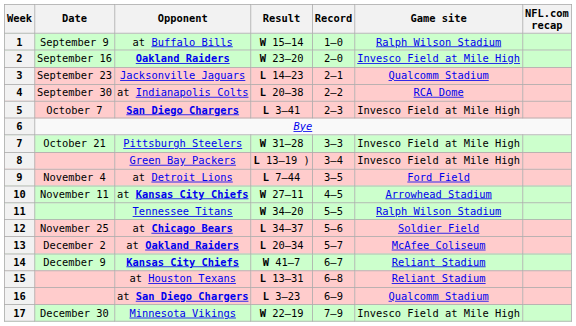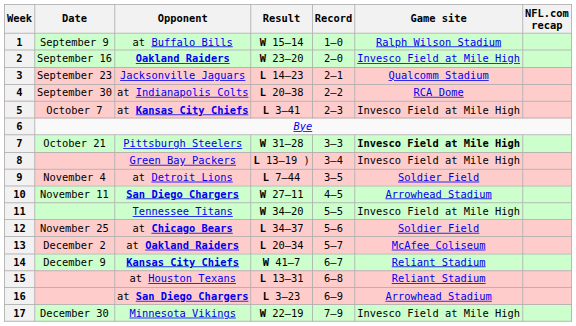 <table class="wikitable" style="text-align:center;">
 <tr>
 <th>Week</th>
 <th>Date</th>
 <th>Opponent</th>
 <th>Result</th>
 <th>Record</th>
 <th>Game site</th>
 <th>NFL.com<br>recap</th>
 </tr>
 <tr style="background:#cfc">
 <th>1</th>
 <td>September  9</td>
 <td>at <a href='#'>Buffalo Bills</a></td>
 <td><strong>W</strong> 15–14</td>
 <td>1–0</td>
 <td><a href='#'>Ralph Wilson Stadium</a></td>
 <td></td>
 </tr>
 <tr style="background:#cfc">
 <th>2</th>
 <td>September 16</td>
 <td><strong><a href='#'>Oakland Raiders</a></strong></td>
 <td><strong>W</strong> 23–20 </td>
 <td>2–0</td>
 <td><a href='#'>Invesco Field at Mile High</a></td>
 <td></td>
 </tr>
 <tr style="background:#fcc">
 <th>3</th>
 <td>September 23</td>
 <td><a href='#'>Jacksonville Jaguars</a></td>
 <td><strong>L</strong> 14–23</td>
 <td>2–1</td>
 <td><a href='#'>Qualcomm Stadium</a></td>
 <td></td>
 </tr>
 <tr style="background:#fcc">
 <th>4</th>
 <td>September 30</td>
 <td>at <a href='#'>Indianapolis Colts</a></td>
 <td><strong>L</strong> 20–38</td>
 <td>2–2</td>
 <td><a href='#'>RCA Dome</a></td>
 <td></td>
 </tr>
 <tr style="background:#fcc">
 <th>5</th>
 <td>October 7</td>
-<td><strong><a href='#'>San Diego Chargers</a></strong></td>
+<td>at <strong><a href='#'>Kansas City Chiefs</a></strong></td>
 <td><strong>L</strong> 3–41</td>
 <td>2–3</td>
 <td>Invesco Field at Mile High</td>
 <td></td>
 </tr>
 <tr>
 <th>6</th>
 <td colspan="7" style="text-align:center;"><em><a href='#'>Bye</a></em></td>
 </tr>
 <tr style="background:#cfc">
 <th>7</th>
 <td>October 21</td>
 <td><a href='#'> Pittsburgh Steelers</a></td>
 <td><strong>W</strong> 31–28</td>
 <td>3–3</td>
-<td>Invesco Field at Mile High</td>
+<td><strong>Invesco Field at Mile High</strong></td>
 <td></td>
 </tr>
 <tr style="background:#fcc">
 <th>8</th>
 <td></td>
 <td><a href='#'>Green Bay Packers</a></td>
 <td><strong>L</strong> 13–19 )</td>
 <td>3–4</td>
 <td>Invesco Field at Mile High</td>
 <td></td>
 </tr>
 <tr style="background:#fcc">
 <th>9</th>
 <td>November 4</td>
 <td>at <a href='#'>Detroit Lions</a></td>
 <td><strong>L</strong> 7–44</td>
 <td>3–5</td>
-<td><a href='#'>Ford Field</a></td>
+<td><a href='#'>Soldier Field</a></td>
 <td></td>
 </tr>
 <tr style="background:#cfc">
 <th>10</th>
 <td>November 11</td>
-<td>at <strong><a href='#'>Kansas City Chiefs</a></strong></td>
+<td><strong><a href='#'>San Diego Chargers</a></strong></td>
 <td><strong>W</strong> 27–11</td>
 <td>4–5</td>
 <td><a href='#'>Arrowhead Stadium</a></td>
 <td></td>
 </tr>
 <tr style="background:#cfc">
 <th>11</th>
 <td></td>
 <td><a href='#'>Tennessee Titans</a></td>
 <td><strong>W</strong> 34–20</td>
 <td>5–5</td>
-<td><a href='#'>Ralph Wilson Stadium</a></td>
+<td>Invesco Field at Mile High</td>
 <td></td>
 </tr>
 <tr style="background:#fcc">
 <th>12</th>
 <td>November 25</td>
 <td>at <strong><a href='#'>Chicago Bears</a></strong></td>
 <td><strong>L</strong> 34–37  </td>
 <td>5–6</td>
 <td><a href='#'>Soldier Field</a></td>
 <td></td>
 </tr>
 <tr style="background:#fcc">
 <th>13</th>
 <td>December  2</td>
 <td>at <strong><a href='#'>Oakland Raiders</a></strong></td>
 <td><strong>L</strong> 20–34</td>
 <td>5–7</td>
 <td><a href='#'>McAfee Coliseum</a></td>
 <td></td>
 </tr>
 <tr style="background:#cfc">
 <th>14</th>
 <td>December 9</td>
 <td><strong><a href='#'>Kansas City Chiefs</a></strong></td>
 <td><strong>W</strong> 41–7</td>
 <td>6–7</td>
 <td><a href='#'>Reliant Stadium</a></td>
 <td></td>
 </tr>
 <tr style="background:#fcc">
 <th>15</th>
 <td></td>
 <td>at <a href='#'>Houston Texans</a></td>
 <td><strong>L</strong> 13–31</td>
 <td>6–8</td>
 <td><a href='#'>Reliant Stadium</a></td>
 <td></td>
 </tr>
 <tr style="background:#fcc">
 <th>16</th>
 <td></td>
 <td>at <strong><a href='#'>San Diego Chargers</a></strong></td>
 <td><strong>L</strong> 3–23</td>
 <td>6–9</td>
-<td><a href='#'>Qualcomm Stadium</a></td>
+<td><a href='#'>Arrowhead Stadium</a></td>
 <td></td>
 </tr>
 <tr style="background:#cfc">
 <th>17</th>
 <td>December 30</td>
 <td><a href='#'>Minnesota Vikings</a></td>
 <td><strong>W</strong> 22–19 </td>
 <td>7–9</td>
 <td>Invesco Field at Mile High</td>
 <td></td>
 </tr>
 </table>
